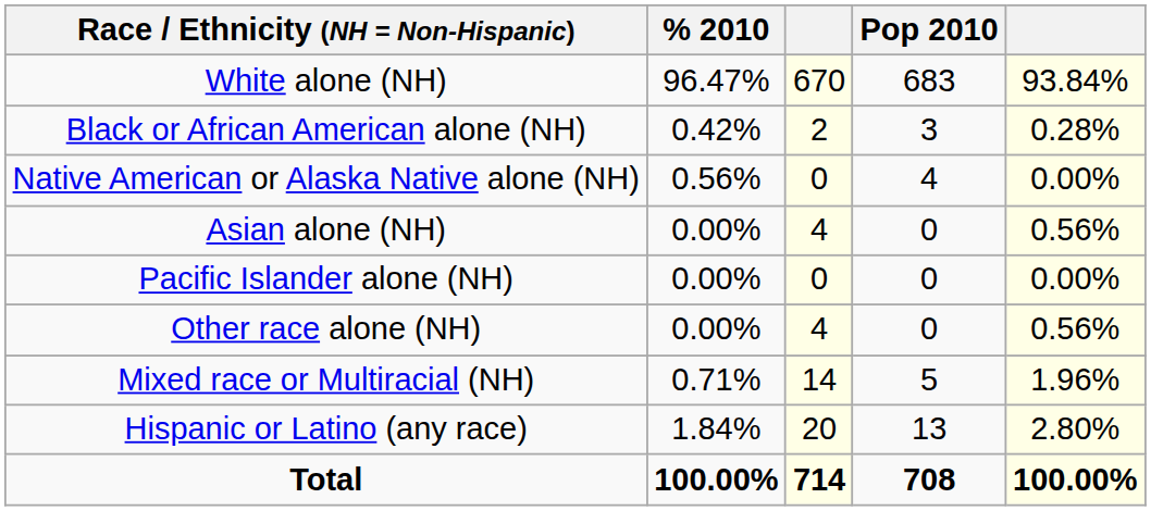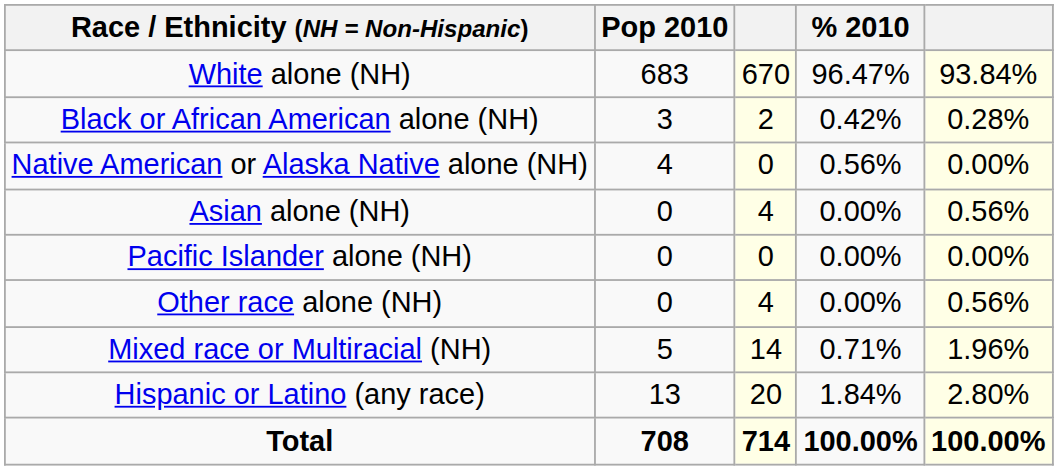 <table class="wikitable" style="text-align:center;">
 <tr>
 <th>Race / Ethnicity <small>(<em>NH = Non-Hispanic</em>)</small></th>
+<th>Pop 2010</th>
+<th></th>
 <th>% 2010</th>
-<th></th>
-<th>Pop 2010</th>
 <th></th>
 </tr>
 <tr>
 <td><a href='#'>White</a> alone (NH)</td>
+<td>683</td>
+<td style='background: #ffffe6;'>670</td>
 <td>96.47%</td>
-<td style='background: #ffffe6;'>670</td>
-<td>683</td>
 <td style='background: #ffffe6;'>93.84%</td>
 </tr>
 <tr>
 <td><a href='#'>Black or African American</a> alone (NH)</td>
+<td>3</td>
+<td style='background: #ffffe6;'>2</td>
 <td>0.42%</td>
-<td style='background: #ffffe6;'>2</td>
-<td>3</td>
 <td style='background: #ffffe6;'>0.28%</td>
 </tr>
 <tr>
 <td><a href='#'>Native American</a> or <a href='#'>Alaska Native</a> alone (NH)</td>
+<td>4</td>
+<td style='background: #ffffe6;'>0</td>
 <td>0.56%</td>
-<td style='background: #ffffe6;'>0</td>
-<td>4</td>
 <td style='background: #ffffe6;'>0.00%</td>
 </tr>
 <tr>
 <td><a href='#'>Asian</a> alone (NH)</td>
+<td>0</td>
+<td style='background: #ffffe6;'>4</td>
 <td>0.00%</td>
-<td style='background: #ffffe6;'>4</td>
-<td>0</td>
 <td style='background: #ffffe6;'>0.56%</td>
 </tr>
 <tr>
 <td><a href='#'>Pacific Islander</a> alone (NH)</td>
+<td>0</td>
+<td style='background: #ffffe6;'>0</td>
 <td>0.00%</td>
-<td style='background: #ffffe6;'>0</td>
-<td>0</td>
 <td style='background: #ffffe6;'>0.00%</td>
 </tr>
 <tr>
 <td><a href='#'>Other race</a> alone (NH)</td>
+<td>0</td>
+<td style='background: #ffffe6;'>4</td>
 <td>0.00%</td>
-<td style='background: #ffffe6;'>4</td>
-<td>0</td>
 <td style='background: #ffffe6;'>0.56%</td>
 </tr>
 <tr>
 <td><a href='#'>Mixed race or Multiracial</a> (NH)</td>
+<td>5</td>
+<td style='background: #ffffe6;'>14</td>
 <td>0.71%</td>
-<td style='background: #ffffe6;'>14</td>
-<td>5</td>
 <td style='background: #ffffe6;'>1.96%</td>
 </tr>
 <tr>
 <td><a href='#'>Hispanic or Latino</a> (any race)</td>
+<td>13</td>
+<td style='background: #ffffe6;'>20</td>
 <td>1.84%</td>
-<td style='background: #ffffe6;'>20</td>
-<td>13</td>
 <td style='background: #ffffe6;'>2.80%</td>
 </tr>
 <tr>
 <td><strong>Total</strong></td>
+<td><strong>708</strong></td>
+<td style='background: #ffffe6;'><strong>714</strong></td>
 <td><strong>100.00%</strong></td>
-<td style='background: #ffffe6;'><strong>714</strong></td>
-<td><strong>708</strong></td>
 <td style='background: #ffffe6;'><strong>100.00%</strong></td>
 </tr>
 </table>
